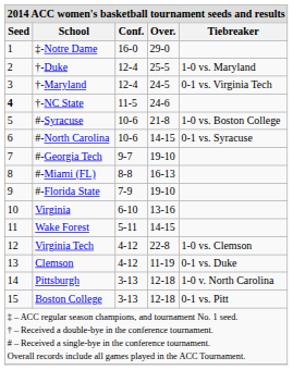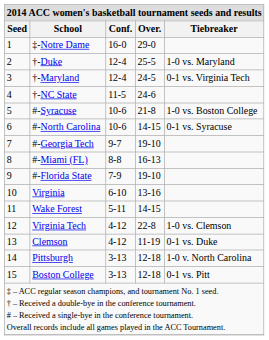 <table class="wikitable" style="white-space:nowrap; font-size:90%;">
 <tr>
 <td colspan="10" style="text-align:center; background:#DDDDDD; font:#000000"><strong>2014 ACC women's basketball tournament seeds and results</strong></td>
 </tr>
 <tr bgcolor="#efefef">
 <th>Seed</th>
 <th>School</th>
 <th>Conf.</th>
 <th>Over.</th>
 <th>Tiebreaker</th>
 </tr>
 <tr>
 <td>1</td>
 <td>‡-<a href='#'>Notre Dame</a></td>
 <td>16-0</td>
 <td>29-0</td>
 <td></td>
 </tr>
 <tr>
 <td>2</td>
 <td>†-<a href='#'>Duke</a></td>
 <td>12-4</td>
 <td>25-5</td>
 <td>1-0 vs. Maryland</td>
 </tr>
 <tr>
 <td>3</td>
 <td>†-<a href='#'>Maryland</a></td>
 <td>12-4</td>
 <td>24-5</td>
 <td>0-1 vs. Virginia Tech</td>
 </tr>
 <tr>
-<td><strong>4</strong></td>
+<td>4</td>
 <td>†-<a href='#'>NC State</a></td>
 <td>11-5</td>
 <td>24-6</td>
 <td></td>
 </tr>
 <tr>
 <td>5</td>
 <td>#-<a href='#'>Syracuse</a></td>
 <td>10-6</td>
 <td>21-8</td>
 <td>1-0 vs. Boston College</td>
 </tr>
 <tr>
 <td>6</td>
 <td>#-<a href='#'>North Carolina</a></td>
 <td>10-6</td>
 <td>14-15</td>
 <td>0-1 vs. Syracuse</td>
 </tr>
 <tr>
 <td>7</td>
 <td>#-<a href='#'>Georgia Tech</a></td>
 <td>9-7</td>
 <td>19-10</td>
 <td></td>
 </tr>
 <tr>
 <td>8</td>
 <td>#-<a href='#'>Miami (FL)</a></td>
 <td>8-8</td>
 <td>16-13</td>
 <td></td>
 </tr>
 <tr>
 <td>9</td>
 <td>#-<a href='#'>Florida State</a></td>
 <td>7-9</td>
 <td>19-10</td>
 <td></td>
 </tr>
 <tr>
 <td>10</td>
 <td><a href='#'>Virginia</a></td>
 <td>6-10</td>
 <td>13-16</td>
 <td></td>
 </tr>
 <tr>
 <td>11</td>
 <td><a href='#'>Wake Forest</a></td>
 <td>5-11</td>
 <td>14-15</td>
 <td></td>
 </tr>
 <tr>
 <td>12</td>
 <td><a href='#'>Virginia Tech</a></td>
 <td>4-12</td>
 <td>22-8</td>
 <td>1-0 vs. Clemson</td>
 </tr>
 <tr>
 <td>13</td>
 <td><a href='#'>Clemson</a></td>
 <td>4-12</td>
 <td>11-19</td>
 <td>0-1 vs. Duke</td>
 </tr>
 <tr>
 <td>14</td>
 <td><a href='#'>Pittsburgh</a></td>
 <td>3-13</td>
 <td>12-18</td>
 <td>1-0 v. North Carolina</td>
 </tr>
 <tr>
 <td>15</td>
 <td><a href='#'>Boston College</a></td>
 <td>3-13</td>
 <td>12-18</td>
 <td>0-1 vs. Pitt</td>
 </tr>
 <tr>
 <td colspan="10" style="text-align:left;"><small>‡ – ACC regular season champions, and tournament No. 1 seed.<br>† – Received a double-bye in the conference tournament.<br># – Received a single-bye in the conference tournament.<br>Overall records include all games played in the ACC Tournament.</small></td>
 </tr>
 <tr>
 </tr>
 </table>
